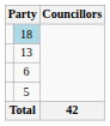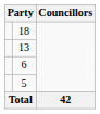 <table class="wikitable">
 <tr>
 <th colspan=2>Party</th>
 <th>Councillors</th>
 </tr>
 <tr>
 <td></td>
-<td align=center style="background: lightblue;">18</td>
+<td align=center>18</td>
 </tr>
 <tr>
 <td></td>
 <td align=center>13</td>
 </tr>
 <tr>
 <td></td>
 <td align=center>6</td>
 </tr>
 <tr>
 <td></td>
 <td align=center>5</td>
 </tr>
 <tr>
 <th colspan=2>Total</th>
 <th align=center>42</th>
 </tr>
 </table>
